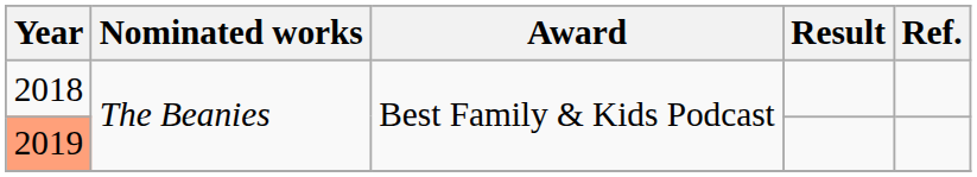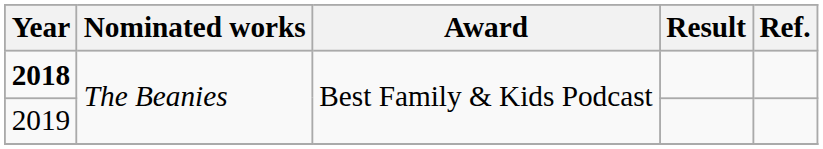 <table class="wikitable">
 <tr>
 <th>Year</th>
 <th>Nominated works</th>
 <th>Award</th>
 <th>Result</th>
 <th>Ref.</th>
 </tr>
 <tr>
-<td>2018</td>
+<td><strong>2018</strong></td>
 <td rowspan="2"><em>The Beanies</em></td>
 <td rowspan="2">Best Family & Kids Podcast</td>
 <td></td>
 <td></td>
 </tr>
 <tr>
-<td style="background: lightsalmon;">2019</td>
+<td>2019</td>
 <td></td>
 <td></td>
 </tr>
 <tr>
 </tr>
 </table>
